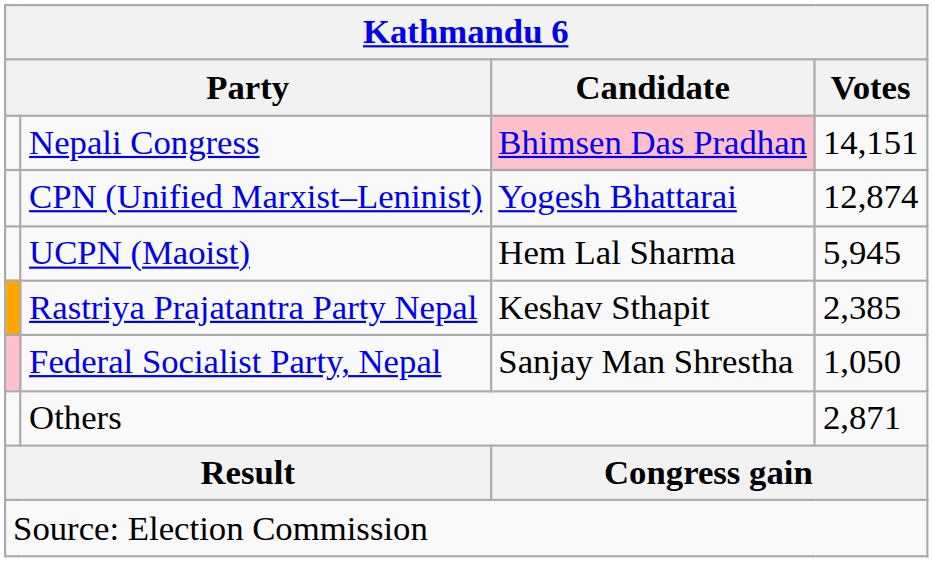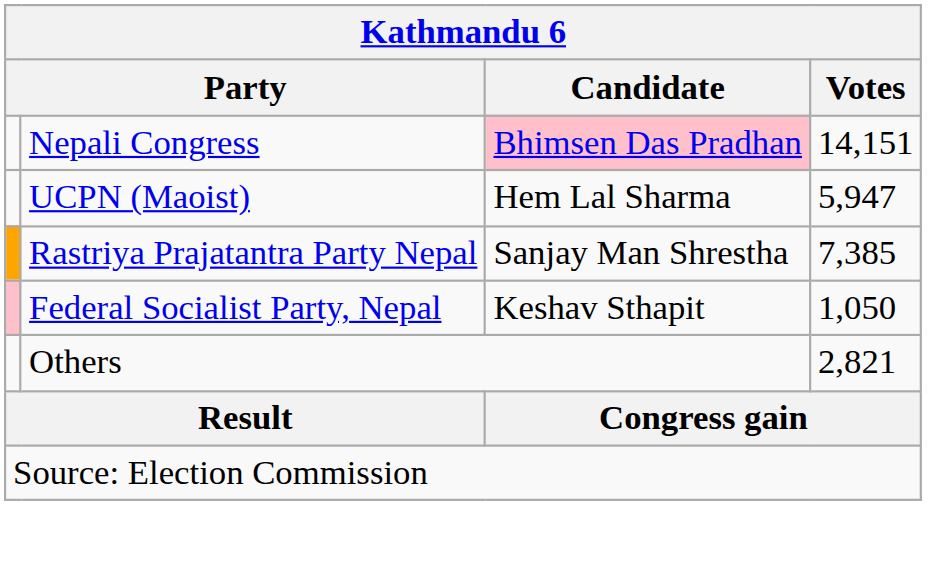 <table class="wikitable">
 <tr>
 <th colspan="4"><a href='#'>Kathmandu 6</a></th>
 </tr>
 <tr>
 <th colspan="2">Party</th>
 <th>Candidate</th>
 <th>Votes</th>
 </tr>
 <tr>
 <td style="background-color:"></td>
 <td><a href='#'>Nepali Congress</a></td>
 <td style="background: pink;"><a href='#'>Bhimsen Das Pradhan</a></td>
 <td>14,151</td>
 </tr>
 <tr>
 <td style="background-color:"></td>
-<td><a href='#'>CPN (Unified Marxist–Leninist)</a></td>
-<td><a href='#'>Yogesh Bhattarai</a></td>
-<td>12,874</td>
-</tr>
-<tr>
-<td style="background-color:"></td>
 <td><a href='#'>UCPN (Maoist)</a></td>
 <td>Hem Lal Sharma</td>
-<td>5,945</td>
+<td>5,947</td>
 </tr>
 <tr>
 <td style="background-color:orange"></td>
 <td><a href='#'>Rastriya Prajatantra Party Nepal</a></td>
-<td>Keshav Sthapit</td>
-<td>2,385</td>
+<td>Sanjay Man Shrestha</td>
+<td>7,385</td>
 </tr>
 <tr>
 <td style="background-color:pink"></td>
 <td><a href='#'>Federal Socialist Party, Nepal</a></td>
-<td>Sanjay Man Shrestha</td>
+<td>Keshav Sthapit</td>
 <td>1,050</td>
 </tr>
 <tr>
 <td></td>
 <td colspan="2">Others</td>
-<td>2,871</td>
+<td>2,821</td>
 </tr>
 <tr>
 <th colspan="2">Result</th>
 <th colspan="2">Congress gain</th>
 </tr>
 <tr>
 <td colspan="4">Source: Election Commission</td>
 </tr>
 </table>
